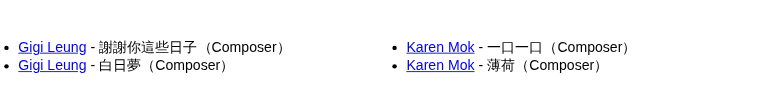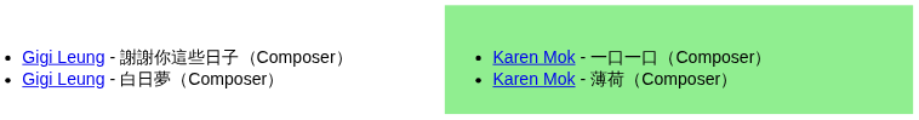 <table border="0" cellpadding="5" width="100%">
 <tr ---- valign="top">
 <td width="50%"></td>
 <td width="50%"></td>
 </tr>
 <tr ---->
 <td valign="top"><br><ul><li><a href='#'>Gigi Leung</a> - 謝謝你這些日子（Composer）</li><li><a href='#'>Gigi Leung</a> - 白日夢（Composer）</li></ul></td>
-<td valign="top"><br><ul><li><a href='#'>Karen Mok</a> - 一口一口（Composer）</li><li><a href='#'>Karen Mok</a> - 薄荷（Composer）</li></ul></td>
+<td valign="top" style="background: lightgreen;"><br><ul><li><a href='#'>Karen Mok</a> - 一口一口（Composer）</li><li><a href='#'>Karen Mok</a> - 薄荷（Composer）</li></ul></td>
 </tr>
 </table>
